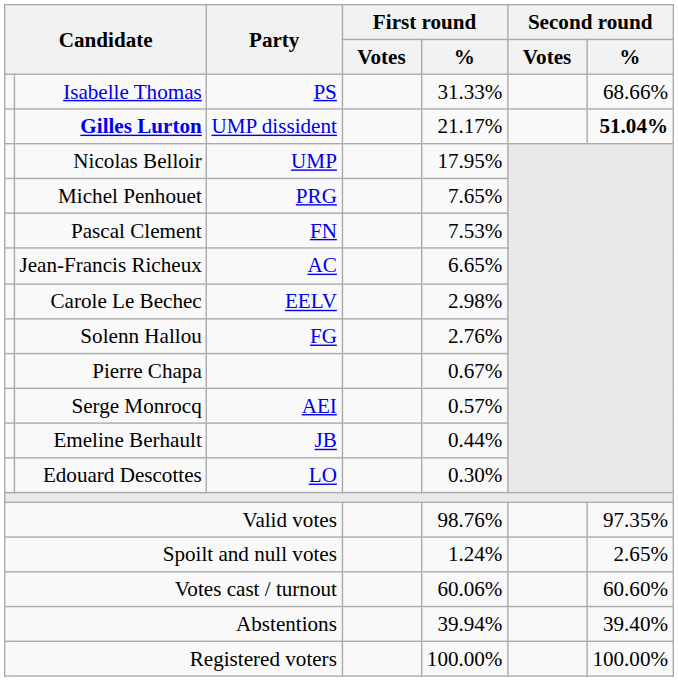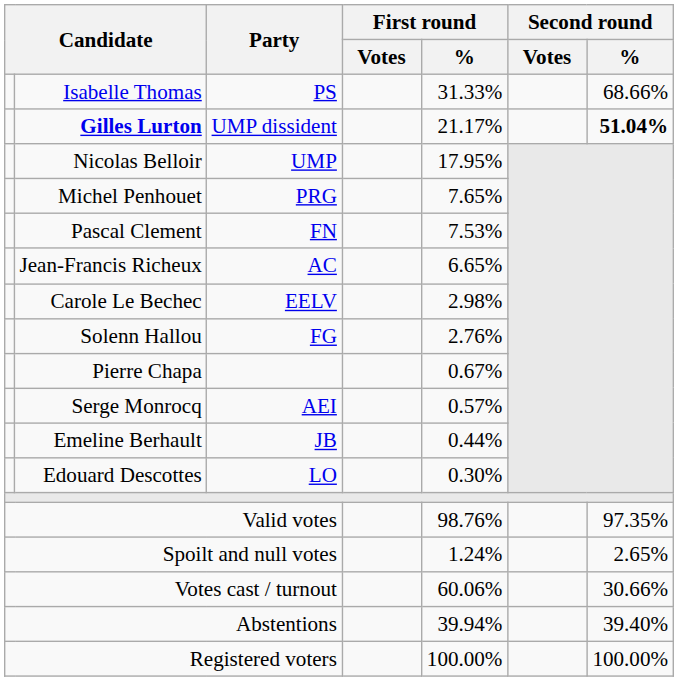 <table class="wikitable" style="text-align:right;font-size:95%;">
 <tr>
 <th rowspan=2 colspan=2>Candidate</th>
 <th rowspan=2 colspan=1>Party</th>
 <th colspan=2>First round</th>
 <th colspan=2>Second round</th>
 </tr>
 <tr>
 <th style="width:50px;">Votes</th>
 <th style="width:55px;">%</th>
 <th style="width:50px;">Votes</th>
 <th style="width:55px;">%</th>
 </tr>
 <tr>
 <td style="color:inherit;background-color:"></td>
 <td><a href='#'>Isabelle Thomas</a></td>
 <td><a href='#'>PS</a></td>
 <td></td>
 <td>31.33%</td>
 <td></td>
 <td>68.66%</td>
 </tr>
 <tr>
 <td style="color:inherit;background-color:"></td>
 <td><strong><a href='#'>Gilles Lurton</a></strong></td>
 <td><a href='#'>UMP dissident</a></td>
 <td></td>
 <td>21.17%</td>
 <td><strong></strong></td>
 <td><strong>51.04%</strong></td>
 </tr>
 <tr>
 <td style="color:inherit;background-color:"></td>
 <td>Nicolas Belloir</td>
 <td><a href='#'>UMP</a></td>
 <td></td>
 <td>17.95%</td>
 <td colspan=7 rowspan=10 style="background-color:#E9E9E9;"></td>
 </tr>
 <tr>
 <td style="color:inherit;background-color:"></td>
 <td>Michel Penhouet</td>
 <td><a href='#'>PRG</a></td>
 <td></td>
 <td>7.65%</td>
 </tr>
 <tr>
 <td style="color:inherit;background-color:"></td>
 <td>Pascal Clement</td>
 <td><a href='#'>FN</a></td>
 <td></td>
 <td>7.53%</td>
 </tr>
 <tr>
 <td style="color:inherit;background-color:"></td>
 <td>Jean-Francis Richeux</td>
 <td><a href='#'>AC</a></td>
 <td></td>
 <td>6.65%</td>
 </tr>
 <tr>
 <td style="color:inherit;background-color:"></td>
 <td>Carole Le Bechec</td>
 <td><a href='#'>EELV</a></td>
 <td></td>
 <td>2.98%</td>
 </tr>
 <tr>
 <td style="color:inherit;background-color:"></td>
 <td>Solenn Hallou</td>
 <td><a href='#'>FG</a></td>
 <td></td>
 <td>2.76%</td>
 </tr>
 <tr>
 <td style="background-color:;"></td>
 <td>Pierre Chapa</td>
 <td></td>
 <td></td>
 <td>0.67%</td>
 </tr>
 <tr>
 <td style="color:inherit;background-color:"></td>
 <td>Serge Monrocq</td>
 <td><a href='#'>AEI</a></td>
 <td></td>
 <td>0.57%</td>
 </tr>
 <tr>
 <td style="color:inherit;background-color:"></td>
 <td>Emeline Berhault</td>
 <td><a href='#'>JB</a> </td>
 <td></td>
 <td>0.44%</td>
 </tr>
 <tr>
 <td style="color:inherit;background-color:"></td>
 <td>Edouard Descottes</td>
 <td><a href='#'>LO</a></td>
 <td></td>
 <td>0.30%</td>
 </tr>
 <tr>
 <td colspan=7 style="background-color:#E9E9E9;"></td>
 </tr>
 <tr>
 <td colspan=3>Valid votes</td>
 <td></td>
 <td>98.76%</td>
 <td></td>
 <td>97.35%</td>
 </tr>
 <tr>
 <td colspan=3>Spoilt and null votes</td>
 <td></td>
 <td>1.24%</td>
 <td></td>
 <td>2.65%</td>
 </tr>
 <tr>
 <td colspan=3>Votes cast / turnout</td>
 <td></td>
 <td>60.06%</td>
 <td></td>
-<td>60.60%</td>
+<td>30.66%</td>
 </tr>
 <tr>
 <td colspan=3>Abstentions</td>
 <td></td>
 <td>39.94%</td>
 <td></td>
 <td>39.40%</td>
 </tr>
 <tr>
 <td colspan=3>Registered voters</td>
 <td></td>
 <td>100.00%</td>
 <td></td>
 <td>100.00%</td>
 </tr>
 </table>
